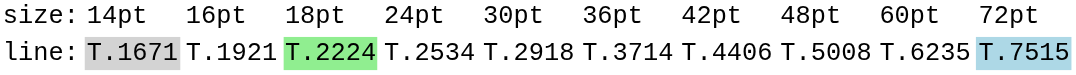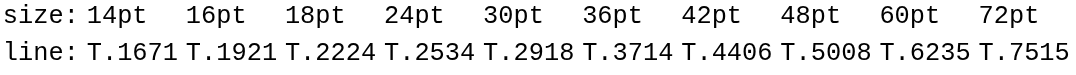 <table style="margin-left:40px;">
 <tr>
 <td>size:</td>
 <td>14pt</td>
 <td>16pt</td>
 <td>18pt</td>
 <td>24pt</td>
 <td>30pt</td>
 <td>36pt</td>
 <td>42pt</td>
 <td>48pt</td>
 <td>60pt</td>
 <td>72pt</td>
 </tr>
 <tr>
 <td>line:</td>
-<td style="background: lightgrey;">T.1671</td>
+<td>T.1671</td>
 <td>T.1921</td>
-<td style="background: lightgreen;">T.2224</td>
+<td>T.2224</td>
 <td>T.2534</td>
 <td>T.2918</td>
 <td>T.3714</td>
 <td>T.4406</td>
 <td>T.5008</td>
 <td>T.6235</td>
-<td style="background: lightblue;">T.7515</td>
+<td>T.7515</td>
 </tr>
 </table>
